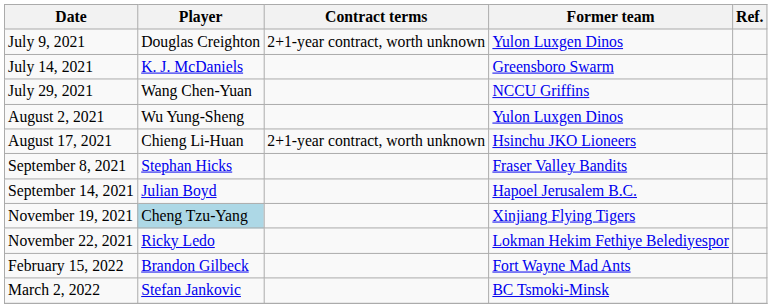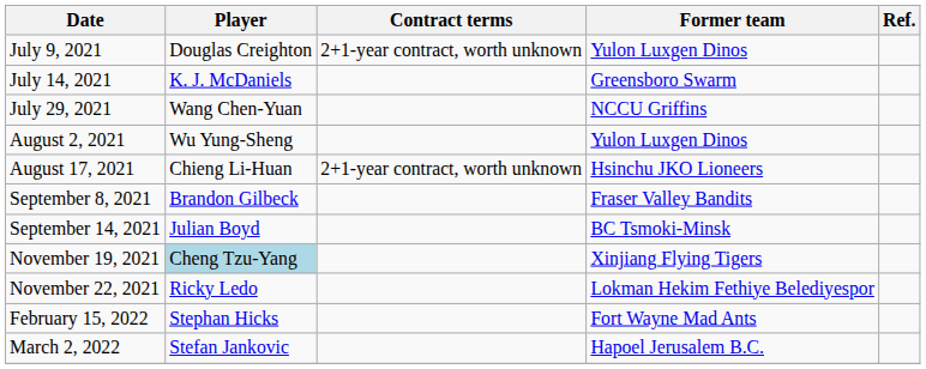 <table class="wikitable sortable sortable">
 <tr>
 <th>Date</th>
 <th>Player</th>
 <th>Contract terms</th>
 <th>Former team</th>
 <th>Ref.</th>
 </tr>
 <tr>
 <td>July 9, 2021</td>
 <td>Douglas Creighton</td>
 <td>2+1-year contract, worth unknown</td>
 <td><a href='#'>Yulon Luxgen Dinos</a></td>
 <td></td>
 </tr>
 <tr>
 <td>July 14, 2021</td>
 <td><a href='#'>K. J. McDaniels</a></td>
 <td></td>
 <td><a href='#'>Greensboro Swarm</a></td>
 <td></td>
 </tr>
 <tr>
 <td>July 29, 2021</td>
 <td>Wang Chen-Yuan</td>
 <td></td>
 <td><a href='#'>NCCU Griffins</a></td>
 <td></td>
 </tr>
 <tr>
 <td>August 2, 2021</td>
 <td>Wu Yung-Sheng</td>
 <td></td>
 <td><a href='#'>Yulon Luxgen Dinos</a></td>
 <td></td>
 </tr>
 <tr>
 <td>August 17, 2021</td>
 <td>Chieng Li-Huan</td>
 <td>2+1-year contract, worth unknown</td>
 <td><a href='#'>Hsinchu JKO Lioneers</a></td>
 <td></td>
 </tr>
 <tr>
 <td>September 8, 2021</td>
-<td><a href='#'>Stephan Hicks</a></td>
+<td><a href='#'>Brandon Gilbeck</a></td>
 <td></td>
 <td><a href='#'>Fraser Valley Bandits</a></td>
 <td></td>
 </tr>
 <tr>
 <td>September 14, 2021</td>
 <td><a href='#'>Julian Boyd</a></td>
 <td></td>
-<td><a href='#'>Hapoel Jerusalem B.C.</a></td>
+<td><a href='#'>BC Tsmoki-Minsk</a></td>
 <td></td>
 </tr>
 <tr>
 <td>November 19, 2021</td>
 <td style="background: lightblue;">Cheng Tzu-Yang</td>
 <td></td>
 <td><a href='#'>Xinjiang Flying Tigers</a></td>
 <td></td>
 </tr>
 <tr>
 <td>November 22, 2021</td>
 <td><a href='#'>Ricky Ledo</a></td>
 <td></td>
 <td><a href='#'>Lokman Hekim Fethiye Belediyespor</a></td>
 <td></td>
 </tr>
 <tr>
 <td>February 15, 2022</td>
-<td><a href='#'>Brandon Gilbeck</a></td>
+<td><a href='#'>Stephan Hicks</a></td>
 <td></td>
 <td><a href='#'>Fort Wayne Mad Ants</a></td>
 <td></td>
 </tr>
 <tr>
 <td>March 2, 2022</td>
 <td><a href='#'>Stefan Jankovic</a></td>
 <td></td>
-<td><a href='#'>BC Tsmoki-Minsk</a></td>
+<td><a href='#'>Hapoel Jerusalem B.C.</a></td>
 <td></td>
 </tr>
 <tr>
 </tr>
 </table>
